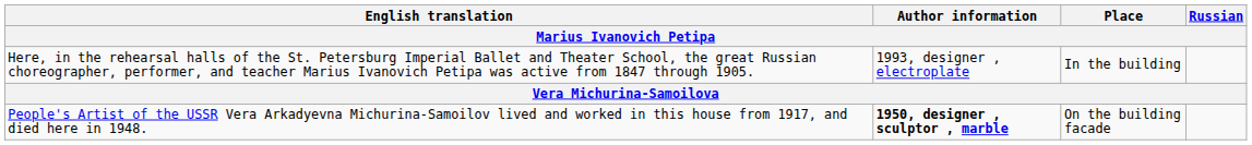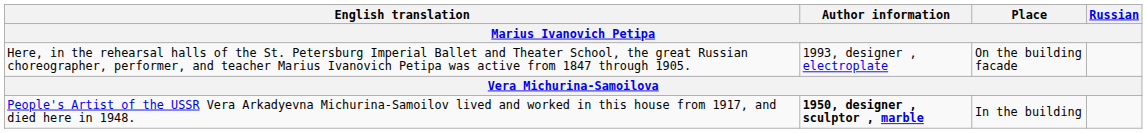 <table class="wikitable">
 <tr>
 <th>English translation</th>
 <th>Author information</th>
 <th>Place</th>
 <th><a href='#'>Russian</a></th>
 </tr>
 <tr>
 <th colspan=4><a href='#'>Marius Ivanovich Petipa</a></th>
 </tr>
 <tr>
 <td>Here, in the rehearsal halls of the St. Petersburg Imperial Ballet and Theater School, the great Russian choreographer, performer, and teacher Marius Ivanovich Petipa was active from 1847 through 1905.</td>
 <td>1993, designer , <a href='#'>electroplate</a></td>
-<td>In the building</td>
+<td>On the building facade</td>
 <td><small></small></td>
 </tr>
 <tr>
 <th colspan=4><a href='#'>Vera Michurina-Samoilova</a></th>
 </tr>
 <tr>
 <td><a href='#'>People's Artist of the USSR</a> Vera Arkadyevna Michurina-Samoilov lived and worked in this house from 1917, and died here in 1948.</td>
 <td><strong>1950, designer , sculptor , <a href='#'>marble</a></strong></td>
-<td>On the building facade</td>
+<td>In the building</td>
 <td><small></small></td>
 </tr>
 </table>
